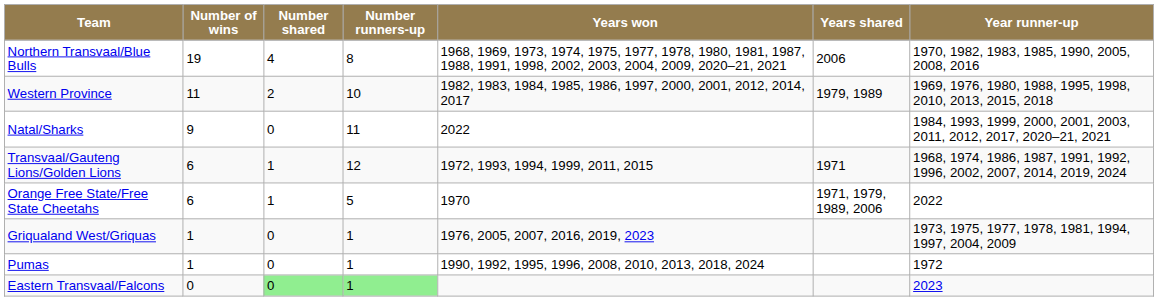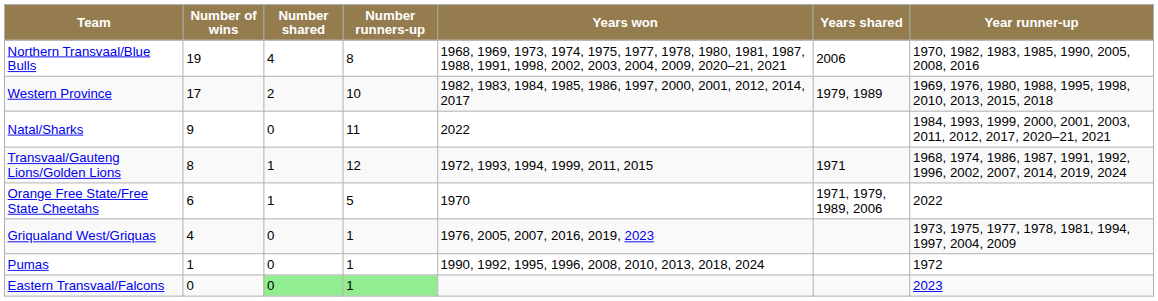 <table class="wikitable" style="text-align:left; font-size:90%; border-collapse:collapse;">
 <tr style="background:#C1D8FF;">
 <th style="background: #947C4E; color:#FFFFFF ">Team</th>
 <th style="background: #947C4E; color:#FFFFFF ">Number of wins</th>
 <th style="background: #947C4E; color:#FFFFFF ">Number shared</th>
 <th style="background: #947C4E; color:#FFFFFF ">Number runners-up</th>
 <th style="background: #947C4E; color:#FFFFFF ">Years won</th>
 <th style="background: #947C4E; color:#FFFFFF ">Years shared</th>
 <th style="background: #947C4E; color:#FFFFFF ">Year runner-up</th>
 </tr>
 <tr style="background:#FFFFFF;">
 <td><a href='#'>Northern Transvaal/Blue Bulls</a></td>
 <td>19</td>
 <td>4</td>
 <td>8</td>
 <td>1968, 1969, 1973, 1974, 1975, 1977, 1978, 1980, 1981, 1987, 1988, 1991, 1998, 2002, 2003, 2004, 2009, 2020–21, 2021</td>
 <td>2006</td>
 <td>1970, 1982, 1983, 1985, 1990, 2005, 2008, 2016</td>
 </tr>
 <tr>
 <td><a href='#'>Western Province</a></td>
-<td>11</td>
+<td>17</td>
 <td>2</td>
 <td>10</td>
 <td>1982, 1983, 1984, 1985, 1986, 1997, 2000, 2001, 2012, 2014, 2017</td>
 <td>1979, 1989</td>
 <td>1969, 1976, 1980, 1988, 1995, 1998, 2010, 2013, 2015, 2018</td>
 </tr>
 <tr style="background:#FFFFFF;">
 <td><a href='#'>Natal/Sharks</a></td>
 <td>9</td>
 <td>0</td>
 <td>11</td>
 <td>2022</td>
 <td></td>
 <td>1984, 1993, 1999, 2000, 2001, 2003, 2011, 2012, 2017, 2020–21, 2021</td>
 </tr>
 <tr>
 <td><a href='#'>Transvaal/Gauteng Lions/Golden Lions</a></td>
-<td>6</td>
+<td>8</td>
 <td>1</td>
 <td>12</td>
 <td>1972, 1993, 1994, 1999, 2011, 2015</td>
 <td>1971</td>
 <td>1968, 1974, 1986, 1987, 1991, 1992, 1996, 2002, 2007, 2014, 2019, 2024</td>
 </tr>
 <tr style="background:#FFFFFF;">
 <td><a href='#'>Orange Free State/Free State Cheetahs</a></td>
 <td>6</td>
 <td>1</td>
 <td>5</td>
 <td>1970</td>
 <td>1971, 1979, 1989, 2006</td>
 <td>2022</td>
 </tr>
 <tr>
 <td><a href='#'>Griqualand West/Griquas</a></td>
-<td>1</td>
+<td>4</td>
 <td>0</td>
 <td>1</td>
 <td>1976, 2005, 2007, 2016, 2019, <a href='#'>2023</a></td>
 <td></td>
 <td>1973, 1975, 1977, 1978, 1981, 1994, 1997, 2004, 2009</td>
 </tr>
 <tr style="background:#FFFFFF;">
 <td><a href='#'>Pumas</a></td>
 <td>1</td>
 <td>0</td>
 <td>1</td>
 <td>1990, 1992, 1995, 1996, 2008, 2010, 2013, 2018, 2024</td>
 <td></td>
 <td>1972</td>
 </tr>
 <tr>
 <td><a href='#'>Eastern Transvaal/Falcons</a></td>
 <td>0</td>
 <td style="background: lightgreen;">0</td>
 <td style="background: lightgreen;">1</td>
 <td></td>
 <td></td>
 <td><a href='#'>2023</a></td>
 </tr>
 </table>
